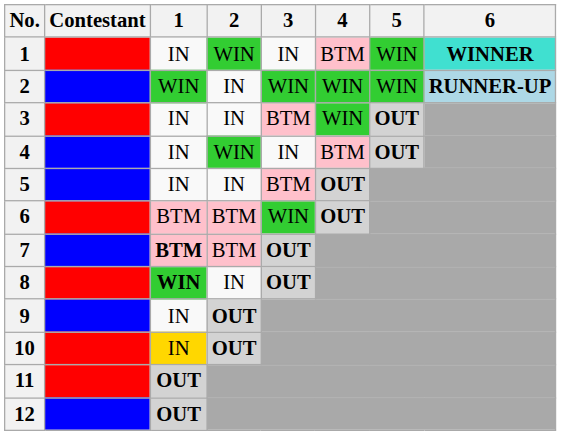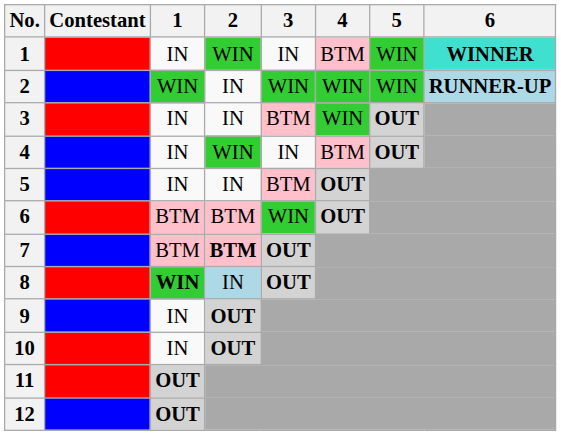 <table class="wikitable" align style="text-align:center" center>
 <tr>
 <th>No.</th>
 <th>Contestant</th>
 <th>1</th>
 <th>2</th>
 <th>3</th>
 <th>4</th>
 <th>5</th>
 <th>6</th>
 </tr>
 <tr>
 <th>1</th>
 <td bgcolor="red"></td>
 <td>IN</td>
 <td style="background:limegreen;">WIN</td>
 <td>IN</td>
 <td style="background:pink;">BTM</td>
 <td style="background:limegreen;">WIN</td>
 <td style="background:turquoise;"><strong>WINNER</strong></td>
 </tr>
 <tr>
 <th>2</th>
 <td bgcolor="blue"></td>
 <td style="background:limegreen;">WIN</td>
 <td>IN</td>
 <td style="background:limegreen;">WIN</td>
 <td style="background:limegreen;">WIN</td>
 <td style="background:limegreen;">WIN</td>
 <td style="background:lightblue;"><strong>RUNNER-UP</strong></td>
 </tr>
 <tr>
 <th>3</th>
 <td bgcolor="red"></td>
 <td>IN</td>
 <td>IN</td>
 <td style="background:pink;">BTM</td>
 <td style="background:limegreen;">WIN</td>
 <td style="background:lightgrey;"><strong>OUT</strong></td>
 <td style="background:darkgrey;"></td>
 </tr>
 <tr>
 <th>4</th>
 <td bgcolor="blue"></td>
 <td>IN</td>
 <td style="background:limegreen;">WIN</td>
 <td>IN</td>
 <td style="background:pink;">BTM</td>
 <td style="background:lightgrey;"><strong>OUT</strong></td>
 <td style="background:darkgrey;"></td>
 </tr>
 <tr>
 <th>5</th>
 <td bgcolor="blue"></td>
 <td>IN</td>
 <td>IN</td>
 <td style="background:pink;">BTM</td>
 <td style="background:lightgrey;"><strong>OUT</strong></td>
 <td colspan=2 style="background:darkgrey;"></td>
 </tr>
 <tr>
 <th>6</th>
 <td bgcolor="red"></td>
 <td style="background:pink;">BTM</td>
 <td style="background:pink;">BTM</td>
 <td style="background:limegreen;">WIN</td>
 <td style="background:lightgrey;"><strong>OUT</strong></td>
 <td colspan=2 style="background:darkgrey;"></td>
 </tr>
 <tr>
 <th>7</th>
 <td bgcolor="blue"></td>
+<td style="background:pink;">BTM</td>
 <td style="background:pink;"><strong>BTM</strong></td>
-<td style="background:pink;">BTM</td>
 <td style="background:lightgrey;"><strong>OUT</strong></td>
 <td colspan=3 style="background:darkgrey;"></td>
 </tr>
 <tr>
 <th>8</th>
 <td bgcolor="red"></td>
 <td style="background:limegreen;"><strong>WIN</strong></td>
-<td>IN</td>
+<td style="background: lightblue;">IN</td>
 <td style="background:lightgrey;"><strong>OUT</strong></td>
 <td colspan=3 style="background:darkgrey;"></td>
 </tr>
 <tr>
 <th>9</th>
 <td bgcolor="blue"></td>
 <td>IN</td>
 <td style="background:lightgrey;"><strong>OUT</strong></td>
 <td colspan=4 style="background:darkgrey;"></td>
 </tr>
 <tr>
 <th>10</th>
 <td bgcolor="red"></td>
-<td style="background: gold;">IN</td>
+<td>IN</td>
 <td style="background:lightgrey;"><strong>OUT</strong></td>
 <td colspan=4 style="background:darkgrey;"></td>
 </tr>
 <tr>
 <th>11</th>
 <td bgcolor="red"></td>
 <td style="background:lightgrey;"><strong>OUT</strong></td>
 <td colspan=5 style="background:darkgrey;"></td>
 </tr>
 <tr>
 <th>12</th>
 <td bgcolor="blue"></td>
 <td style="background:lightgrey;"><strong>OUT</strong></td>
 <td colspan=5 style="background:darkgrey;"></td>
 </tr>
 </table>
